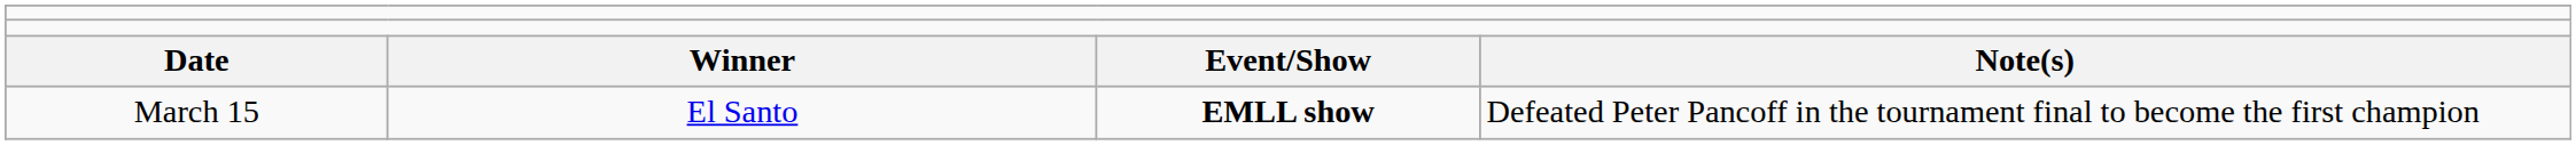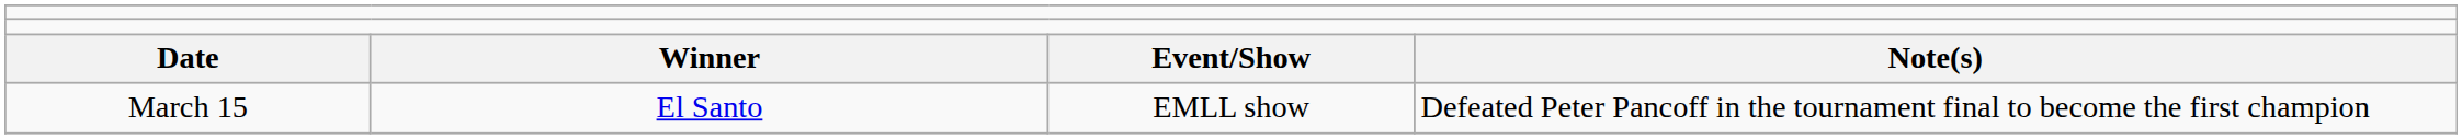 <table class="wikitable" style="text-align:center; width:100%">
 <tr>
 <td colspan=5></td>
 </tr>
 <tr>
 <td colspan=5><strong></strong></td>
 </tr>
 <tr>
 <th width=14%>Date</th>
 <th width=26%>Winner</th>
 <th width=14%>Event/Show</th>
 <th width=40%>Note(s)</th>
 </tr>
 <tr>
 <td>March 15</td>
 <td><a href='#'>El Santo</a></td>
-<td><strong>EMLL show</strong></td>
+<td>EMLL show</td>
 <td align=left>Defeated Peter Pancoff in the tournament final to become the first champion</td>
 </tr>
 </table>
